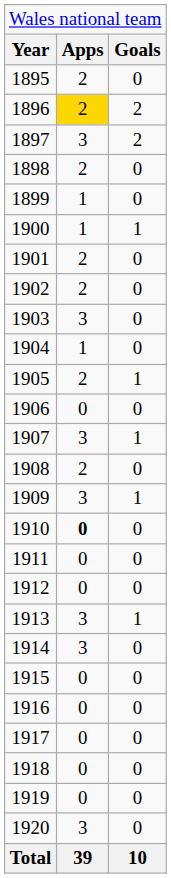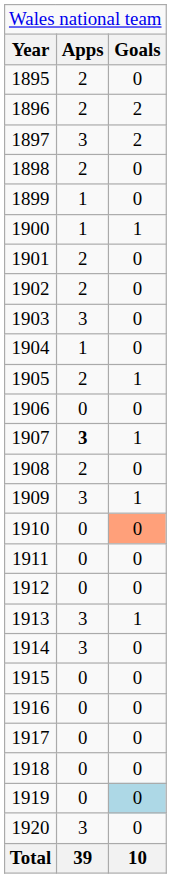 <table class="wikitable" style="text-align:center">
 <tr>
 <td colspan="3"><a href='#'>Wales national team</a></td>
 </tr>
 <tr>
 <th>Year</th>
 <th>Apps</th>
 <th>Goals</th>
 </tr>
 <tr>
 <td>1895</td>
 <td>2</td>
 <td>0</td>
 </tr>
 <tr>
 <td>1896</td>
-<td style="background: gold;">2</td>
+<td>2</td>
 <td>2</td>
 </tr>
 <tr>
 <td>1897</td>
 <td>3</td>
 <td>2</td>
 </tr>
 <tr>
 <td>1898</td>
 <td>2</td>
 <td>0</td>
 </tr>
 <tr>
 <td>1899</td>
 <td>1</td>
 <td>0</td>
 </tr>
 <tr>
 <td>1900</td>
 <td>1</td>
 <td>1</td>
 </tr>
 <tr>
 <td>1901</td>
 <td>2</td>
 <td>0</td>
 </tr>
 <tr>
 <td>1902</td>
 <td>2</td>
 <td>0</td>
 </tr>
 <tr>
 <td>1903</td>
 <td>3</td>
 <td>0</td>
 </tr>
 <tr>
 <td>1904</td>
 <td>1</td>
 <td>0</td>
 </tr>
 <tr>
 <td>1905</td>
 <td>2</td>
 <td>1</td>
 </tr>
 <tr>
 <td>1906</td>
 <td>0</td>
 <td>0</td>
 </tr>
 <tr>
 <td>1907</td>
-<td>3</td>
+<td><strong>3</strong></td>
 <td>1</td>
 </tr>
 <tr>
 <td>1908</td>
 <td>2</td>
 <td>0</td>
 </tr>
 <tr>
 <td>1909</td>
 <td>3</td>
 <td>1</td>
 </tr>
 <tr>
 <td>1910</td>
-<td><strong>0</strong></td>
 <td>0</td>
+<td style="background: lightsalmon;">0</td>
 </tr>
 <tr>
 <td>1911</td>
 <td>0</td>
 <td>0</td>
 </tr>
 <tr>
 <td>1912</td>
 <td>0</td>
 <td>0</td>
 </tr>
 <tr>
 <td>1913</td>
 <td>3</td>
 <td>1</td>
 </tr>
 <tr>
 <td>1914</td>
 <td>3</td>
 <td>0</td>
 </tr>
 <tr>
 <td>1915</td>
 <td>0</td>
 <td>0</td>
 </tr>
 <tr>
 <td>1916</td>
 <td>0</td>
 <td>0</td>
 </tr>
 <tr>
 <td>1917</td>
 <td>0</td>
 <td>0</td>
 </tr>
 <tr>
 <td>1918</td>
 <td>0</td>
 <td>0</td>
 </tr>
 <tr>
 <td>1919</td>
 <td>0</td>
-<td>0</td>
+<td style="background: lightblue;">0</td>
 </tr>
 <tr>
 <td>1920</td>
 <td>3</td>
 <td>0</td>
 </tr>
 <tr>
 <th>Total</th>
 <th>39</th>
 <th>10</th>
 </tr>
 </table>
